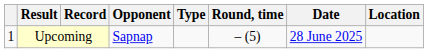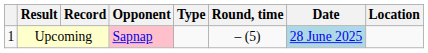 <table class="wikitable" style="text-align:center">
 <tr>
 <th></th>
 <th>Result</th>
 <th>Record</th>
 <th>Opponent</th>
 <th>Type</th>
 <th>Round, time</th>
 <th>Date</th>
 <th>Location</th>
 </tr>
 <tr>
 <td>1</td>
 <td colspan="2" align="center" bgcolor="#FFFFCC">Upcoming</td>
-<td style="text-align:left;"><a href='#'>Sapnap</a></td>
+<td style="background: pink; text-align:left;"><a href='#'>Sapnap</a></td>
 <td></td>
 <td>– (5)</td>
-<td><a href='#'>28 June 2025</a></td>
+<td style="background: lightblue;"><a href='#'>28 June 2025</a></td>
 <td style="text-align:left;"></td>
 </tr>
 </table>
